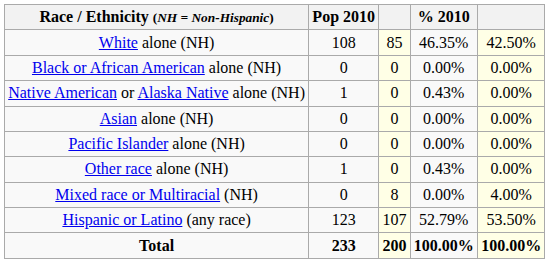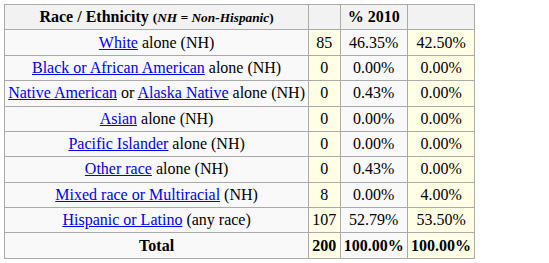 <table class="wikitable" style="text-align:center;">
 <tr>
 <th>Race / Ethnicity <small>(<em>NH = Non-Hispanic</em>)</small></th>
-<th>Pop 2010</th>
 <th></th>
 <th>% 2010</th>
 <th></th>
 </tr>
 <tr>
 <td><a href='#'>White</a> alone (NH)</td>
-<td>108</td>
 <td style='background: #ffffe6;'>85</td>
 <td>46.35%</td>
 <td style='background: #ffffe6;'>42.50%</td>
 </tr>
 <tr>
 <td><a href='#'>Black or African American</a> alone (NH)</td>
-<td>0</td>
 <td style='background: #ffffe6;'>0</td>
 <td>0.00%</td>
 <td style='background: #ffffe6;'>0.00%</td>
 </tr>
 <tr>
 <td><a href='#'>Native American</a> or <a href='#'>Alaska Native</a> alone (NH)</td>
-<td>1</td>
 <td style='background: #ffffe6;'>0</td>
 <td>0.43%</td>
 <td style='background: #ffffe6;'>0.00%</td>
 </tr>
 <tr>
 <td><a href='#'>Asian</a> alone (NH)</td>
-<td>0</td>
 <td style='background: #ffffe6;'>0</td>
 <td>0.00%</td>
 <td style='background: #ffffe6;'>0.00%</td>
 </tr>
 <tr>
 <td><a href='#'>Pacific Islander</a> alone (NH)</td>
-<td>0</td>
 <td style='background: #ffffe6;'>0</td>
 <td>0.00%</td>
 <td style='background: #ffffe6;'>0.00%</td>
 </tr>
 <tr>
 <td><a href='#'>Other race</a> alone (NH)</td>
-<td>1</td>
 <td style='background: #ffffe6;'>0</td>
 <td>0.43%</td>
 <td style='background: #ffffe6;'>0.00%</td>
 </tr>
 <tr>
 <td><a href='#'>Mixed race or Multiracial</a> (NH)</td>
-<td>0</td>
 <td style='background: #ffffe6;'>8</td>
 <td>0.00%</td>
 <td style='background: #ffffe6;'>4.00%</td>
 </tr>
 <tr>
 <td><a href='#'>Hispanic or Latino</a> (any race)</td>
-<td>123</td>
 <td style='background: #ffffe6;'>107</td>
 <td>52.79%</td>
 <td style='background: #ffffe6;'>53.50%</td>
 </tr>
 <tr>
 <td><strong>Total</strong></td>
-<td><strong>233</strong></td>
 <td style='background: #ffffe6;'><strong>200</strong></td>
 <td><strong>100.00%</strong></td>
 <td style='background: #ffffe6;'><strong>100.00%</strong></td>
 </tr>
 </table>
